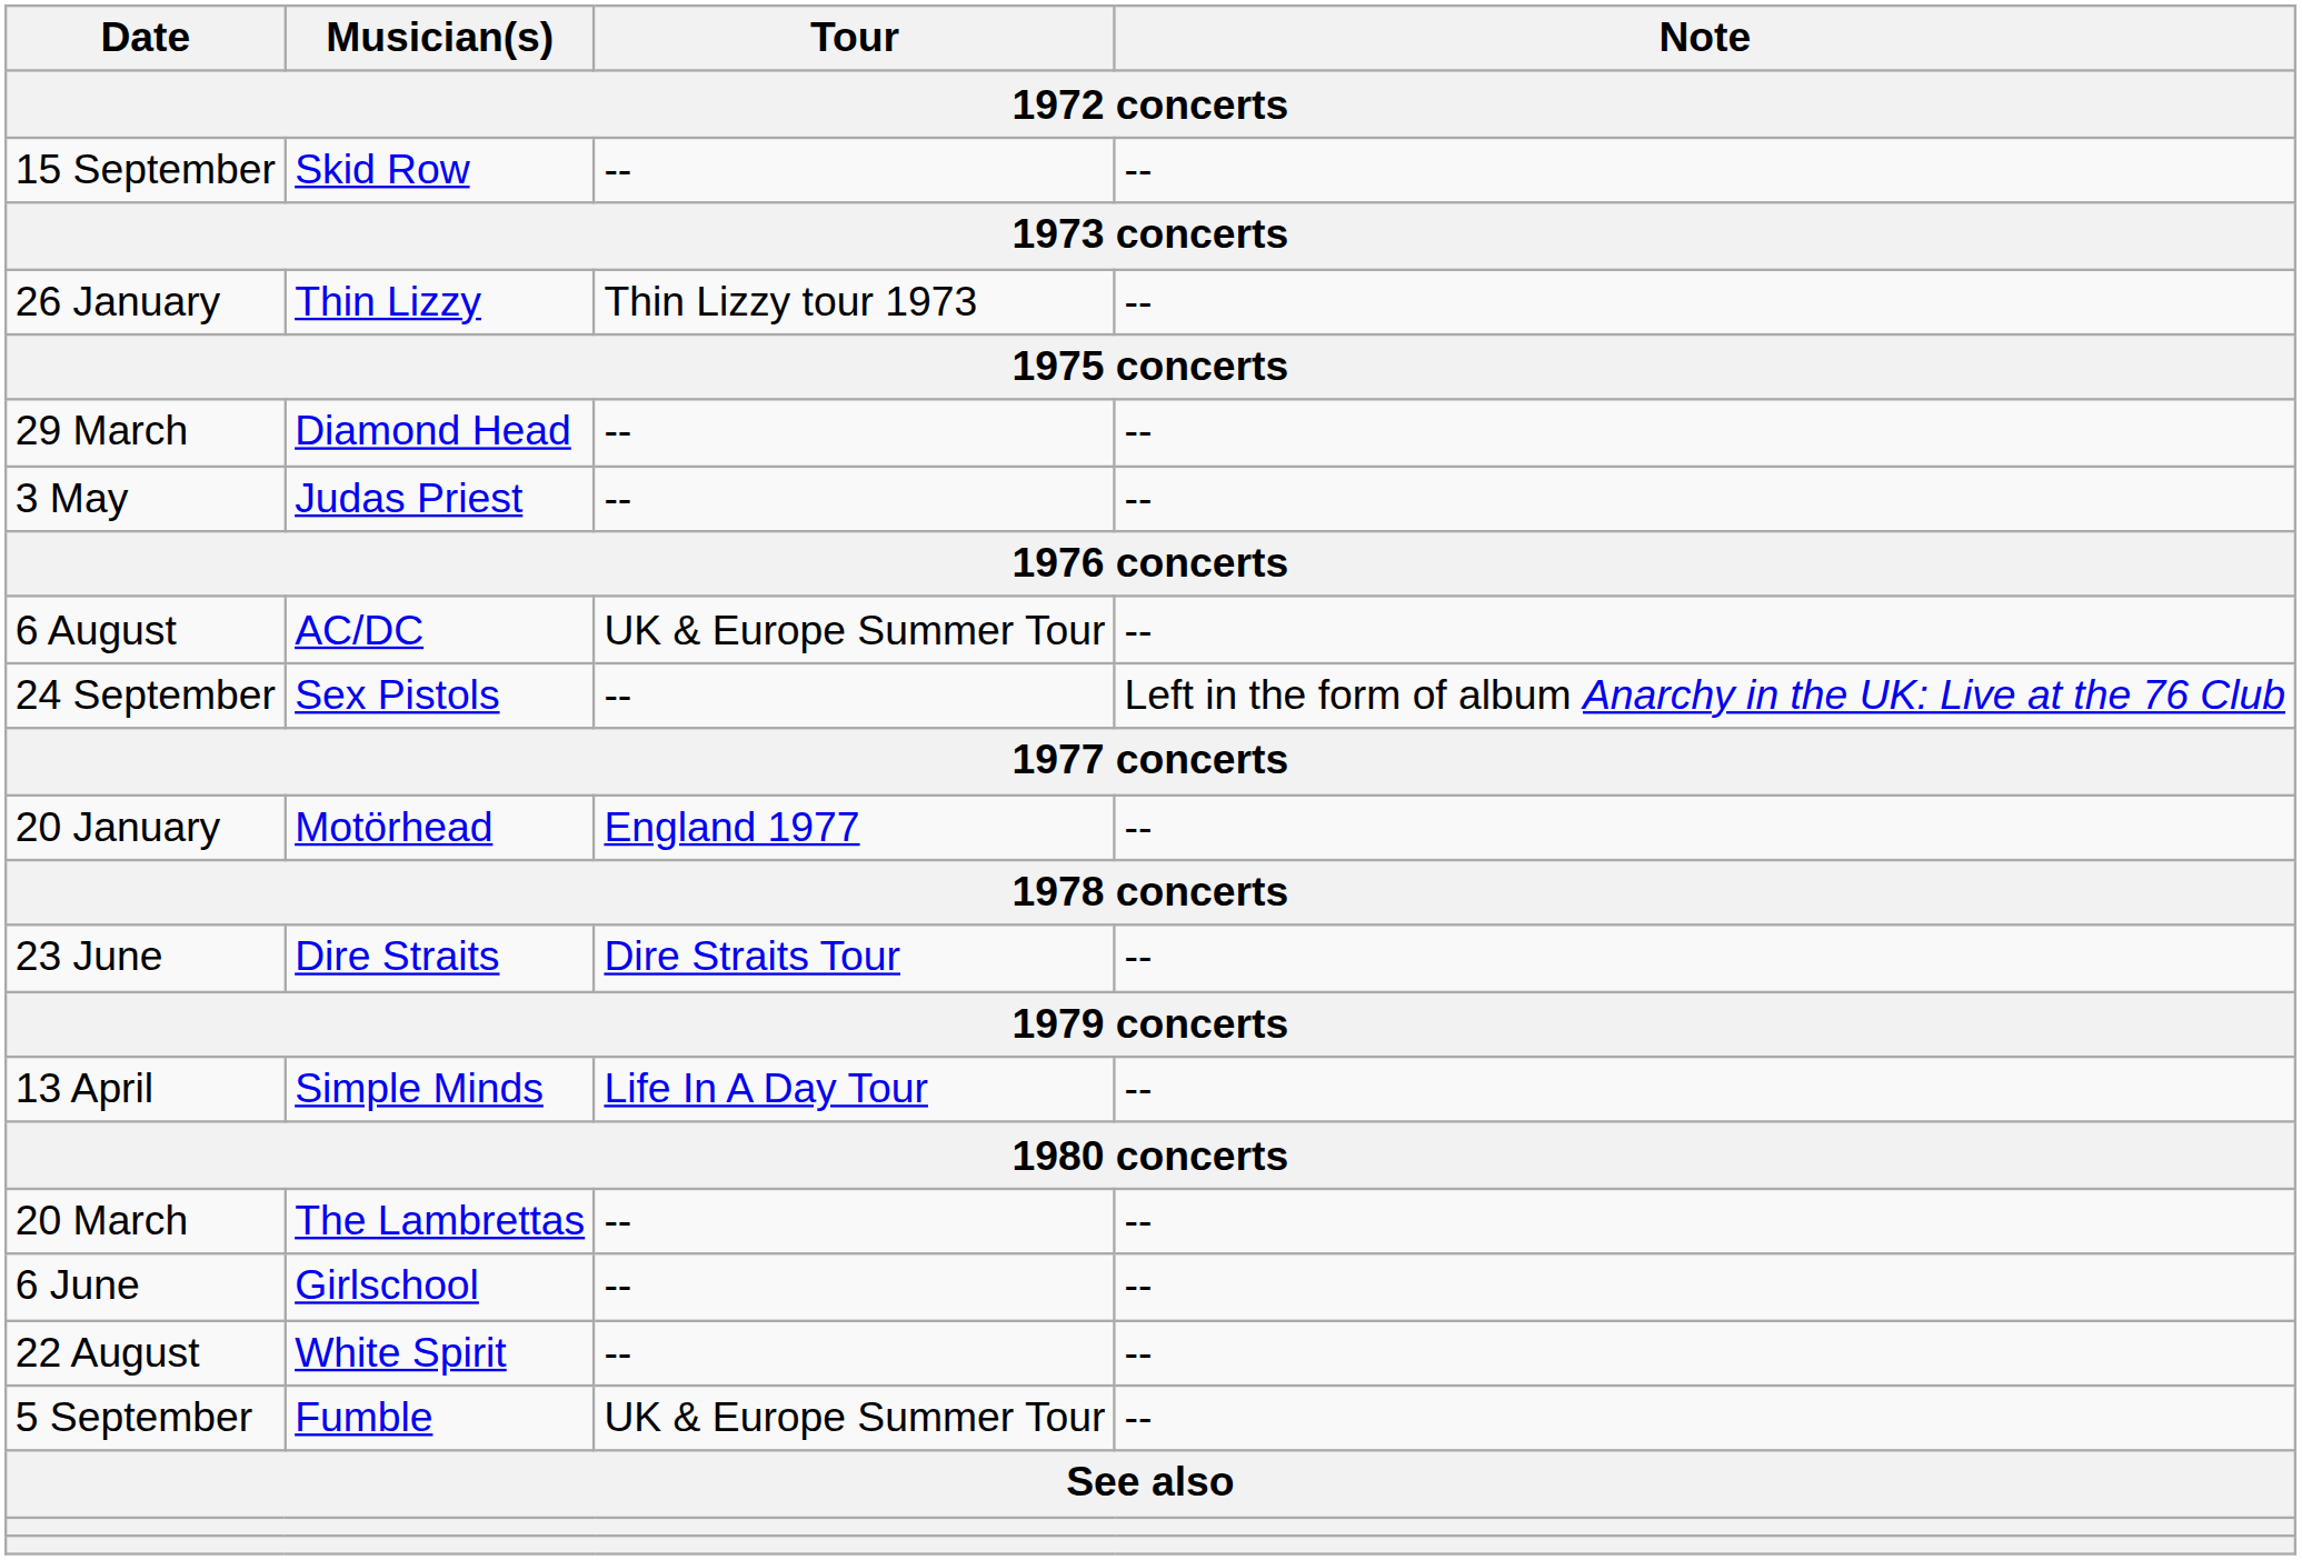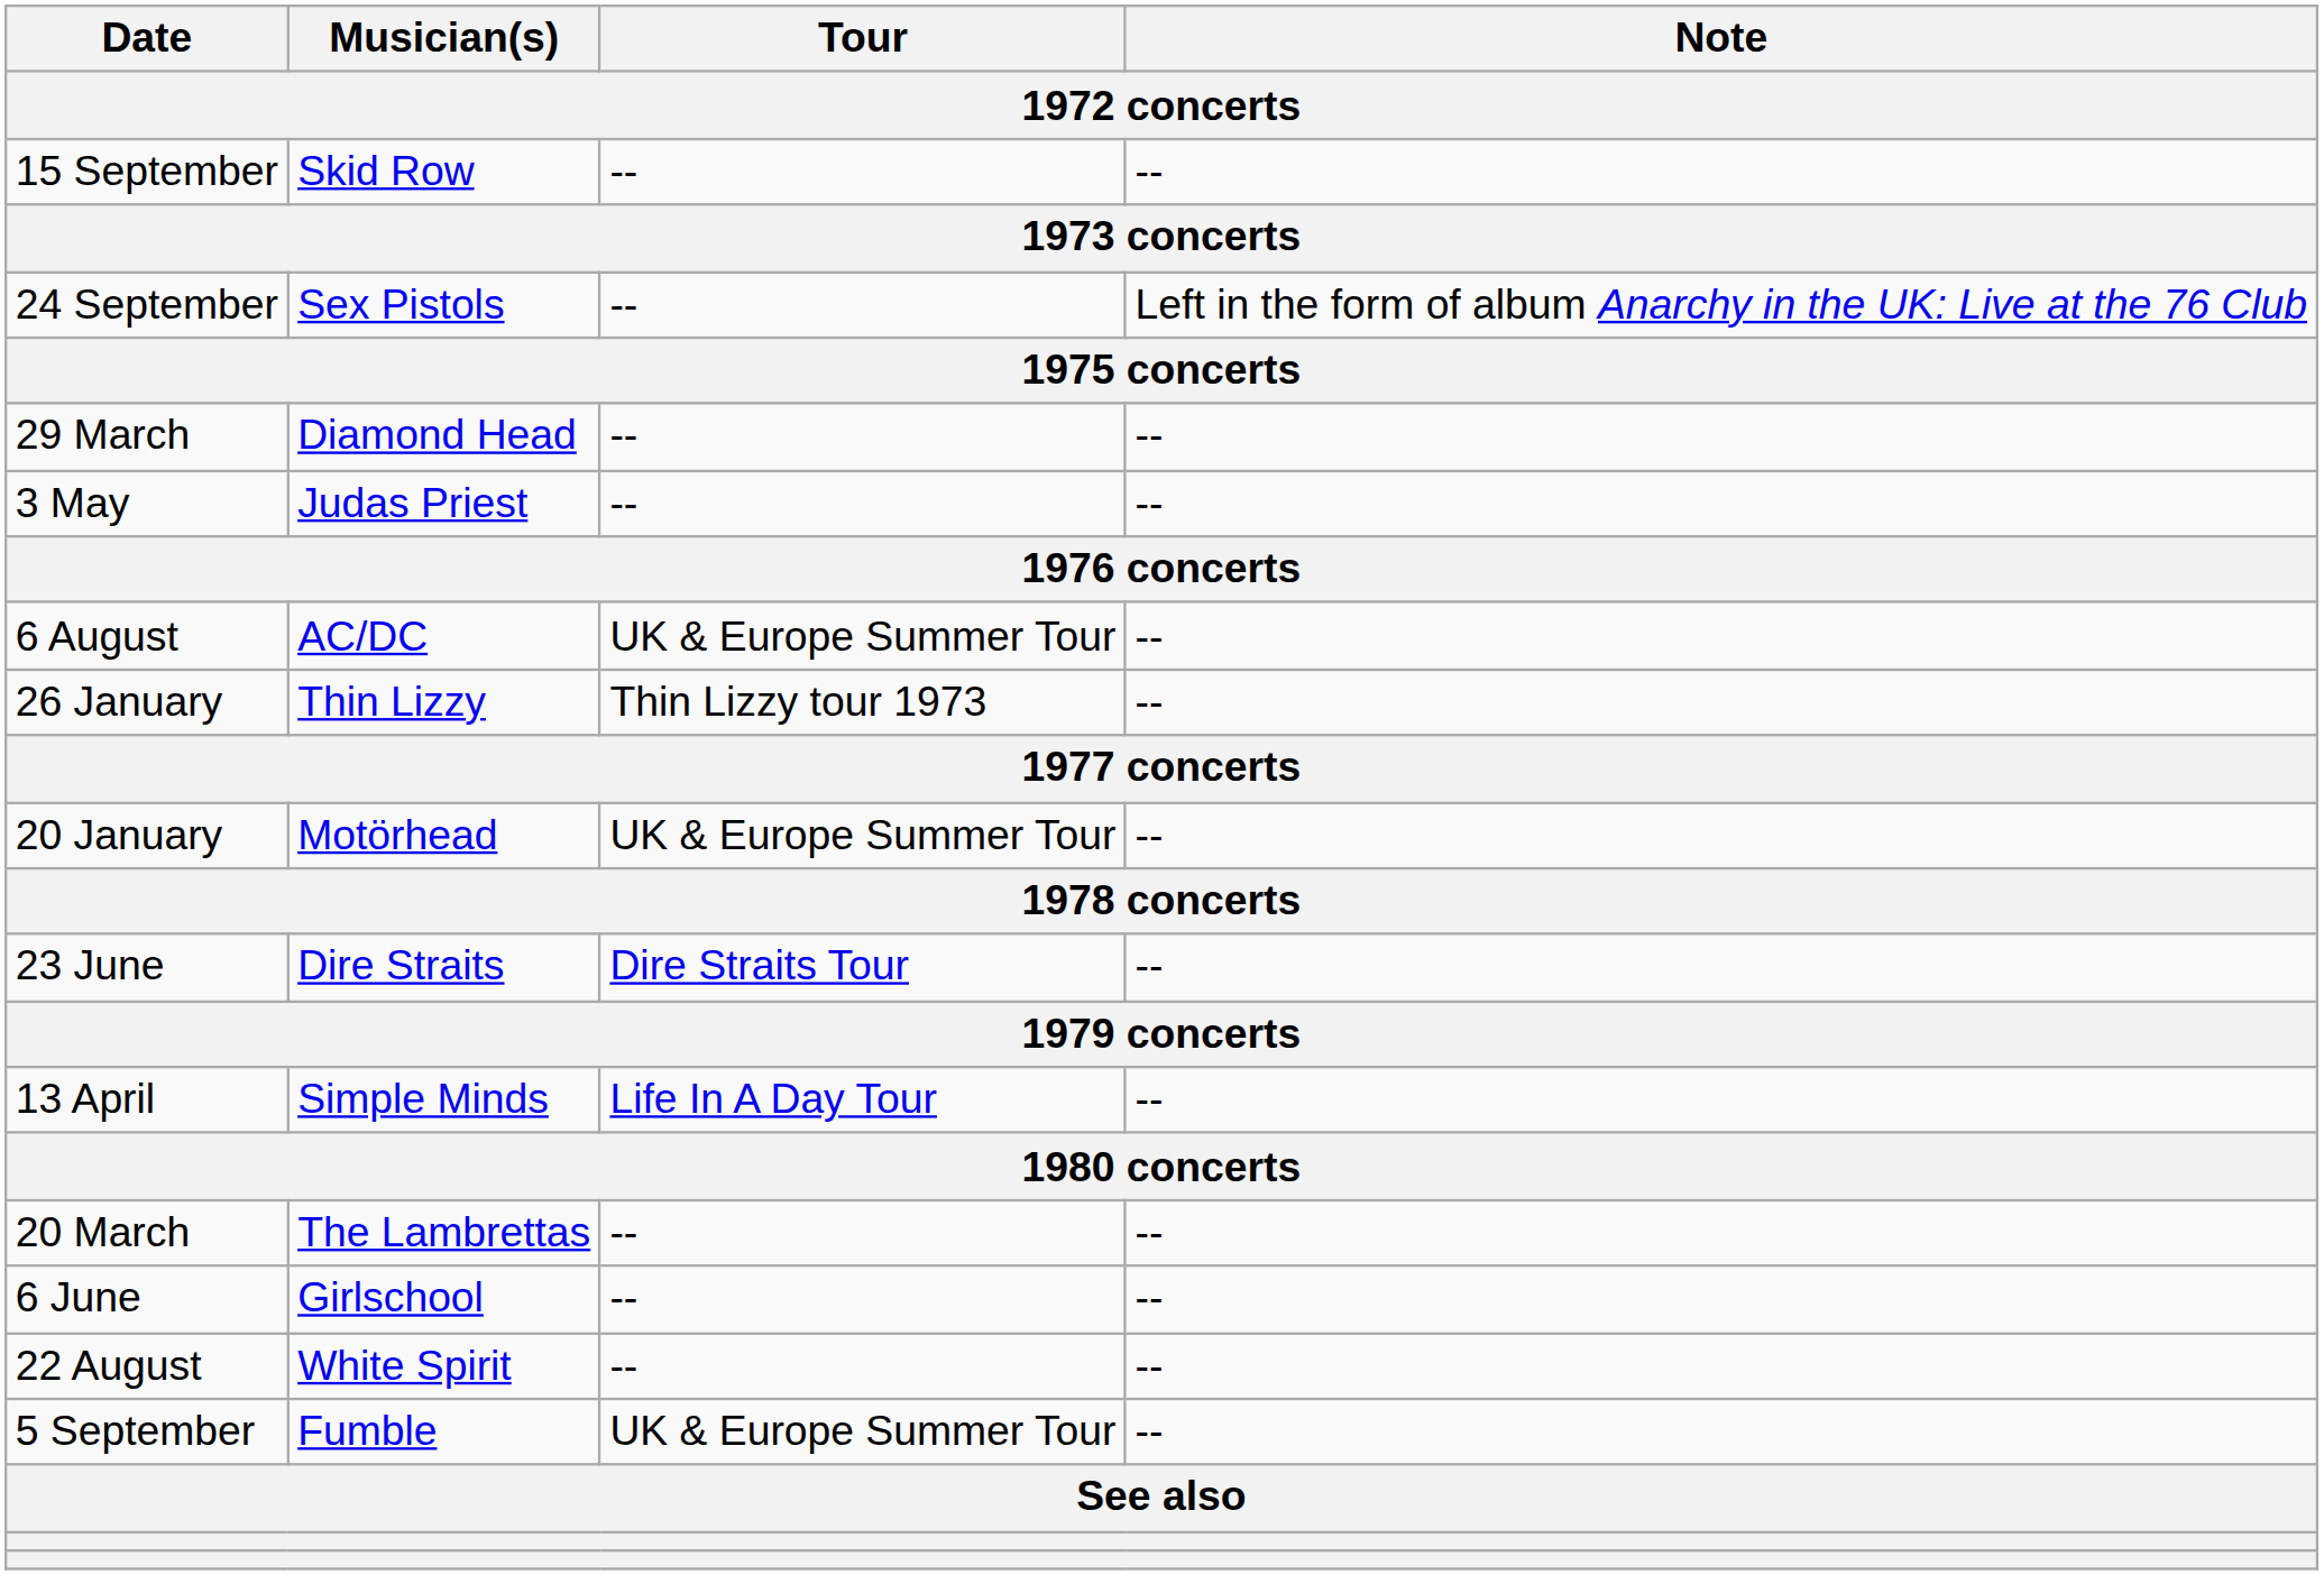 <table class="wikitable">
 <tr>
 <th>Date</th>
 <th>Musician(s)</th>
 <th>Tour</th>
 <th>Note</th>
 </tr>
 <tr>
 <th colspan=4>1972 concerts</th>
 </tr>
 <tr>
 <td>15 September</td>
 <td><a href='#'>Skid Row</a></td>
 <td>--</td>
 <td>--</td>
 </tr>
 <tr>
 <th colspan=4>1973 concerts</th>
 </tr>
 <tr>
-<td>26 January</td>
-<td><a href='#'>Thin Lizzy</a></td>
-<td>Thin Lizzy tour 1973</td>
+<td>24 September</td>
+<td><a href='#'>Sex Pistols</a></td>
 <td>--</td>
+<td>Left in the form of album <em><a href='#'>Anarchy in the UK: Live at the 76 Club</a></em></td>
 </tr>
 <tr>
 <th colspan=4>1975 concerts</th>
 </tr>
 <tr>
 <td>29 March</td>
 <td><a href='#'>Diamond Head</a></td>
 <td>--</td>
 <td>--</td>
 </tr>
 <tr>
 <td>3 May</td>
 <td><a href='#'>Judas Priest</a></td>
 <td>--</td>
 <td>--</td>
 </tr>
 <tr>
 <th colspan=4>1976 concerts</th>
 </tr>
 <tr>
 <td>6 August</td>
 <td><a href='#'>AC/DC</a></td>
 <td>UK & Europe Summer Tour</td>
 <td>--</td>
 </tr>
 <tr>
-<td>24 September</td>
-<td><a href='#'>Sex Pistols</a></td>
+<td>26 January</td>
+<td><a href='#'>Thin Lizzy</a></td>
+<td>Thin Lizzy tour 1973</td>
 <td>--</td>
-<td>Left in the form of album <em><a href='#'>Anarchy in the UK: Live at the 76 Club</a></em></td>
 </tr>
 <tr>
 <th colspan=4>1977 concerts</th>
 </tr>
 <tr>
 <td>20 January </td>
 <td><a href='#'>Motörhead</a></td>
-<td><a href='#'>England 1977</a></td>
+<td>UK & Europe Summer Tour</td>
 <td>--</td>
 </tr>
 <tr>
 <th colspan=4>1978 concerts</th>
 </tr>
 <tr>
 <td>23 June</td>
 <td><a href='#'>Dire Straits</a></td>
 <td><a href='#'>Dire Straits Tour</a></td>
 <td>--</td>
 </tr>
 <tr>
 <th colspan=4>1979 concerts</th>
 </tr>
 <tr>
 <td>13 April</td>
 <td><a href='#'>Simple Minds</a></td>
 <td><a href='#'>Life In A Day Tour</a></td>
 <td>--</td>
 </tr>
 <tr>
 <th colspan=4>1980 concerts</th>
 </tr>
 <tr>
 <td>20 March</td>
 <td><a href='#'>The Lambrettas</a></td>
 <td>--</td>
 <td>--</td>
 </tr>
 <tr>
 <td>6 June</td>
 <td><a href='#'>Girlschool</a></td>
 <td>--</td>
 <td>--</td>
 </tr>
 <tr>
 <td>22 August</td>
 <td><a href='#'>White Spirit</a></td>
 <td>--</td>
 <td>--</td>
 </tr>
 <tr>
 <td>5 September</td>
 <td><a href='#'>Fumble</a></td>
 <td>UK & Europe Summer Tour</td>
 <td>--</td>
 </tr>
 <tr>
 <th colspan=4>See also</th>
 </tr>
 <tr>
 <th colspan=4></th>
 </tr>
 <tr>
 <th colspan=4></th>
 </tr>
 </table>
